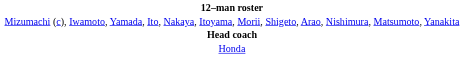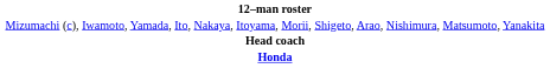 <table style="text-align:center; margin-top:2em; margin-left:auto; margin-right:auto">
 <tr>
 <td><strong>12–man roster</strong></td>
 </tr>
 <tr>
 <td><a href='#'>Mizumachi</a> (<a href='#'>c</a>), <a href='#'>Iwamoto</a>, <a href='#'>Yamada</a>, <a href='#'>Ito</a>, <a href='#'>Nakaya</a>, <a href='#'>Itoyama</a>, <a href='#'>Morii</a>, <a href='#'>Shigeto</a>, <a href='#'>Arao</a>, <a href='#'>Nishimura</a>, <a href='#'>Matsumoto</a>, <a href='#'>Yanakita</a></td>
 </tr>
 <tr>
 <td><strong>Head coach</strong></td>
 </tr>
 <tr>
-<td><a href='#'>Honda</a></td>
+<td><strong><a href='#'>Honda</a></strong></td>
 </tr>
 </table>
